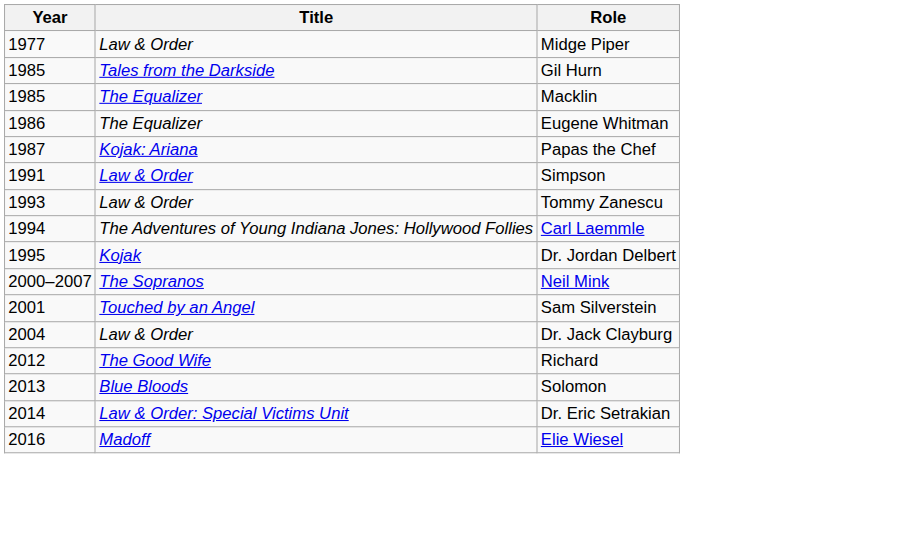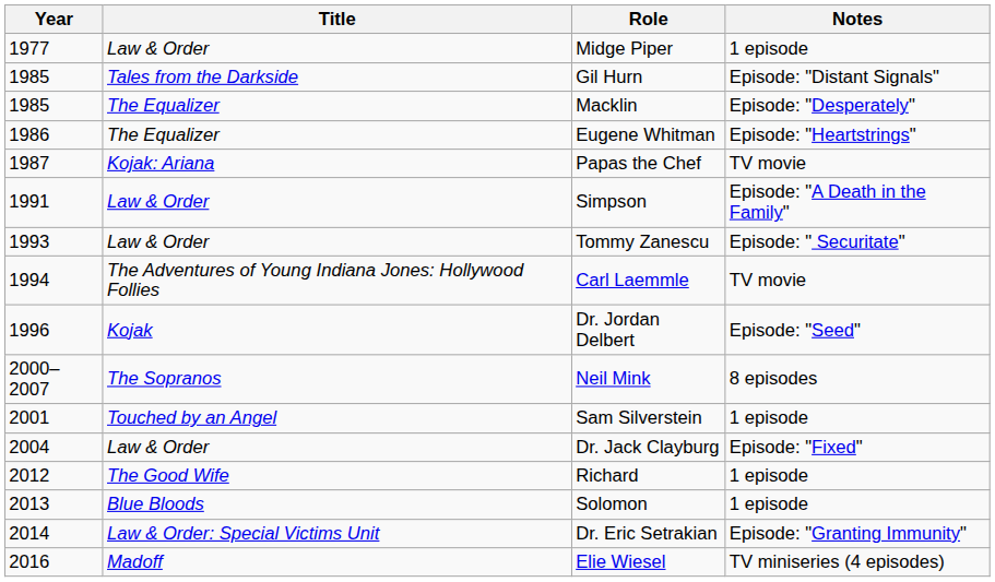 <table class="wikitable sortable">
 <tr>
 <th>Year</th>
 <th>Title</th>
 <th>Role</th>
+<th>Notes</th>
 </tr>
 <tr>
 <td>1977</td>
 <td><em>Law & Order</em></td>
 <td>Midge Piper</td>
+<td>1 episode</td>
 </tr>
 <tr>
 <td>1985</td>
 <td><em><a href='#'>Tales from the Darkside</a></em></td>
 <td>Gil Hurn</td>
+<td>Episode: "Distant Signals"</td>
 </tr>
 <tr>
 <td>1985</td>
 <td><em><a href='#'>The Equalizer</a></em></td>
 <td>Macklin</td>
+<td>Episode: "<a href='#'>Desperately</a>"</td>
 </tr>
 <tr>
 <td>1986</td>
 <td><em>The Equalizer</em></td>
 <td>Eugene Whitman</td>
+<td>Episode: "<a href='#'>Heartstrings</a>"</td>
 </tr>
 <tr>
 <td>1987</td>
 <td><em><a href='#'>Kojak: Ariana</a></em></td>
 <td>Papas the Chef</td>
+<td>TV movie</td>
 </tr>
 <tr>
 <td>1991</td>
 <td><em><a href='#'>Law & Order</a></em></td>
 <td>Simpson</td>
+<td>Episode: "<a href='#'>A Death in the Family</a>"</td>
 </tr>
 <tr>
 <td>1993</td>
 <td><em>Law & Order</em></td>
 <td>Tommy Zanescu</td>
+<td>Episode: "<a href='#'> Securitate</a>"</td>
 </tr>
 <tr>
 <td>1994</td>
 <td><em>The Adventures of Young Indiana Jones: Hollywood Follies</em></td>
 <td><a href='#'>Carl Laemmle</a></td>
+<td>TV movie</td>
 </tr>
 <tr>
-<td>1995</td>
+<td>1996</td>
 <td><em><a href='#'>Kojak</a></em></td>
 <td>Dr. Jordan Delbert</td>
+<td>Episode: "<a href='#'>Seed</a>"</td>
 </tr>
 <tr>
 <td>2000–2007</td>
 <td><em><a href='#'>The Sopranos</a></em></td>
 <td><a href='#'>Neil Mink</a></td>
+<td>8 episodes</td>
 </tr>
 <tr>
 <td>2001</td>
 <td><em><a href='#'>Touched by an Angel</a></em></td>
 <td>Sam Silverstein</td>
+<td>1 episode</td>
 </tr>
 <tr>
 <td>2004</td>
 <td><em>Law & Order</em></td>
 <td>Dr. Jack Clayburg</td>
+<td>Episode: "<a href='#'>Fixed</a>"</td>
 </tr>
 <tr>
 <td>2012</td>
 <td><em><a href='#'>The Good Wife</a></em></td>
 <td>Richard</td>
+<td>1 episode</td>
 </tr>
 <tr>
 <td>2013</td>
 <td><em><a href='#'>Blue Bloods</a></em></td>
 <td>Solomon</td>
+<td>1 episode</td>
 </tr>
 <tr>
 <td>2014</td>
 <td><em><a href='#'>Law & Order: Special Victims Unit</a></em></td>
 <td>Dr. Eric Setrakian</td>
+<td>Episode: "<a href='#'>Granting Immunity</a>"</td>
 </tr>
 <tr>
 <td>2016</td>
 <td><em><a href='#'>Madoff</a></em></td>
 <td><a href='#'>Elie Wiesel</a></td>
+<td>TV miniseries (4 episodes)</td>
 </tr>
 </table>
